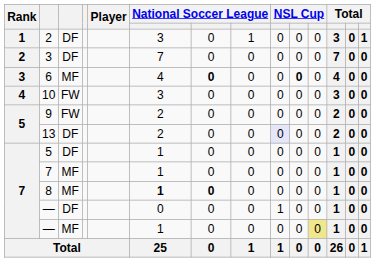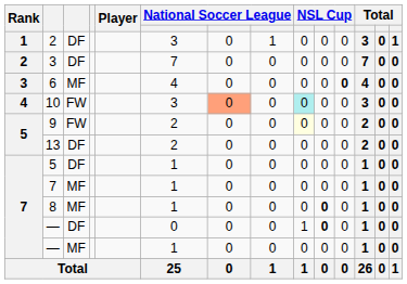 <table class="wikitable sortable" style="text-align:center">
 <tr>
 <th rowspan="2">Rank</th>
 <th rowspan="2"></th>
 <th rowspan="2"></th>
 <th rowspan="2"></th>
 <th rowspan="2">Player</th>
 <th colspan="3"><a href='#'>National Soccer League</a></th>
 <th colspan="3"><a href='#'>NSL Cup</a></th>
 <th colspan="3">Total</th>
 </tr>
 <tr>
 <th></th>
 <th></th>
 <th></th>
 <th></th>
 <th></th>
 <th></th>
 <th></th>
 <th></th>
 <th></th>
 </tr>
 <tr>
 <th>1</th>
 <td>2</td>
 <td>DF</td>
 <td></td>
 <td align="left"><br></td>
 <td>3</td>
 <td>0</td>
 <td>1<br></td>
 <td>0</td>
 <td>0</td>
 <td>0<br></td>
 <th>3</th>
 <th>0</th>
 <th>1</th>
 </tr>
 <tr>
 <th>2</th>
 <td>3</td>
 <td>DF</td>
 <td></td>
 <td align="left"><br></td>
 <td>7</td>
 <td>0</td>
 <td>0<br></td>
 <td>0</td>
 <td>0</td>
 <td>0<br></td>
 <th>7</th>
 <th>0</th>
 <th>0</th>
 </tr>
 <tr>
 <th>3</th>
 <td>6</td>
 <td>MF</td>
 <td></td>
 <td align="left"><br></td>
 <td>4</td>
-<td><strong>0</strong></td>
+<td>0</td>
 <td>0<br></td>
 <td>0</td>
-<td><strong>0</strong></td>
-<td>0<br></td>
+<td>0</td>
+<td><strong>0<br></strong></td>
 <th>4</th>
 <th>0</th>
 <th>0</th>
 </tr>
 <tr>
 <th>4</th>
 <td>10</td>
 <td>FW</td>
 <td></td>
 <td align="left"><br></td>
 <td>3</td>
-<td>0</td>
+<td style="background: lightsalmon;">0</td>
 <td>0<br></td>
-<td>0</td>
+<td style="background: paleturquoise;">0</td>
 <td>0</td>
 <td>0<br></td>
 <th>3</th>
 <th>0</th>
 <th>0</th>
 </tr>
 <tr>
 <th rowspan="2">5</th>
 <td>9</td>
 <td>FW</td>
 <td></td>
 <td align="left"><br></td>
 <td>2</td>
 <td>0</td>
 <td>0<br></td>
-<td>0</td>
+<td style="background: lightyellow;">0</td>
 <td>0</td>
 <td>0<br></td>
 <th>2</th>
 <th>0</th>
 <th>0</th>
 </tr>
 <tr>
 <td>13</td>
 <td>DF</td>
 <td></td>
 <td align="left"><br></td>
 <td>2</td>
 <td>0</td>
 <td>0<br></td>
-<td style="background: lavender;">0</td>
+<td>0</td>
 <td>0</td>
 <td>0<br></td>
 <th>2</th>
 <th>0</th>
 <th>0</th>
 </tr>
 <tr>
 <th rowspan="5">7</th>
 <td>5</td>
 <td>DF</td>
 <td></td>
 <td align="left"><br></td>
 <td>1</td>
 <td>0</td>
 <td>0<br></td>
 <td>0</td>
 <td>0</td>
 <td>0<br></td>
 <th>1</th>
 <th>0</th>
 <th>0</th>
 </tr>
 <tr>
 <td>7</td>
 <td>MF</td>
 <td></td>
 <td align="left"><br></td>
 <td>1</td>
 <td>0</td>
 <td>0<br></td>
 <td>0</td>
 <td>0</td>
 <td>0<br></td>
 <th>1</th>
 <th>0</th>
 <th>0</th>
 </tr>
 <tr>
 <td>8</td>
 <td>MF</td>
 <td></td>
 <td align="left"><br></td>
-<td><strong>1</strong></td>
-<td><strong>0</strong></td>
+<td>1</td>
+<td>0</td>
 <td>0<br></td>
 <td>0</td>
-<td>0</td>
+<td><strong>0</strong></td>
 <td>0<br></td>
 <th>1</th>
 <th>0</th>
 <th>0</th>
 </tr>
 <tr>
 <td>—</td>
 <td>DF</td>
 <td></td>
 <td align="left"><br></td>
 <td>0</td>
 <td>0</td>
 <td>0<br></td>
 <td>1</td>
-<td>0</td>
+<td><strong>0</strong></td>
 <td>0<br></td>
 <th>1</th>
 <th>0</th>
 <th>0</th>
 </tr>
 <tr>
 <td>—</td>
 <td>MF</td>
 <td></td>
 <td align="left"><br></td>
 <td>1</td>
 <td>0</td>
 <td>0<br></td>
 <td>0</td>
 <td>0</td>
-<td style="background: khaki;">0<br></td>
+<td>0<br></td>
 <th>1</th>
 <th>0</th>
 <th>0</th>
 </tr>
 <tr>
 <th colspan="5">Total<br></th>
 <th>25</th>
 <th>0</th>
 <th>1<br></th>
 <th>1</th>
 <th>0</th>
 <th>0<br></th>
 <th>26</th>
 <th>0</th>
 <th>1</th>
 </tr>
 </table>
